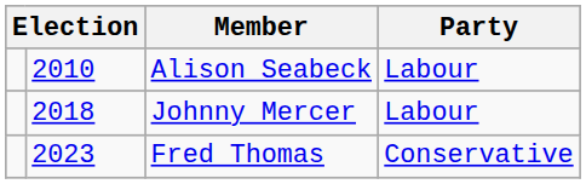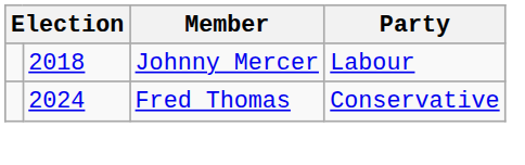 <table class="wikitable">
 <tr>
 <th colspan="2">Election</th>
 <th>Member</th>
 <th>Party</th>
-</tr>
-<tr>
-<td style="color:inherit;background-color: "></td>
-<td><a href='#'>2010</a></td>
-<td><a href='#'>Alison Seabeck</a></td>
-<td><a href='#'>Labour</a></td>
 </tr>
 <tr>
 <td style="color:inherit;background-color: "></td>
 <td><a href='#'>2018</a></td>
 <td><a href='#'>Johnny Mercer</a></td>
 <td><a href='#'>Labour</a></td>
 </tr>
 <tr>
 <td style="color:inherit;background-color: "></td>
-<td><a href='#'>2023</a></td>
+<td><a href='#'>2024</a></td>
 <td><a href='#'>Fred Thomas</a></td>
 <td><a href='#'>Conservative</a></td>
 </tr>
 </table>
